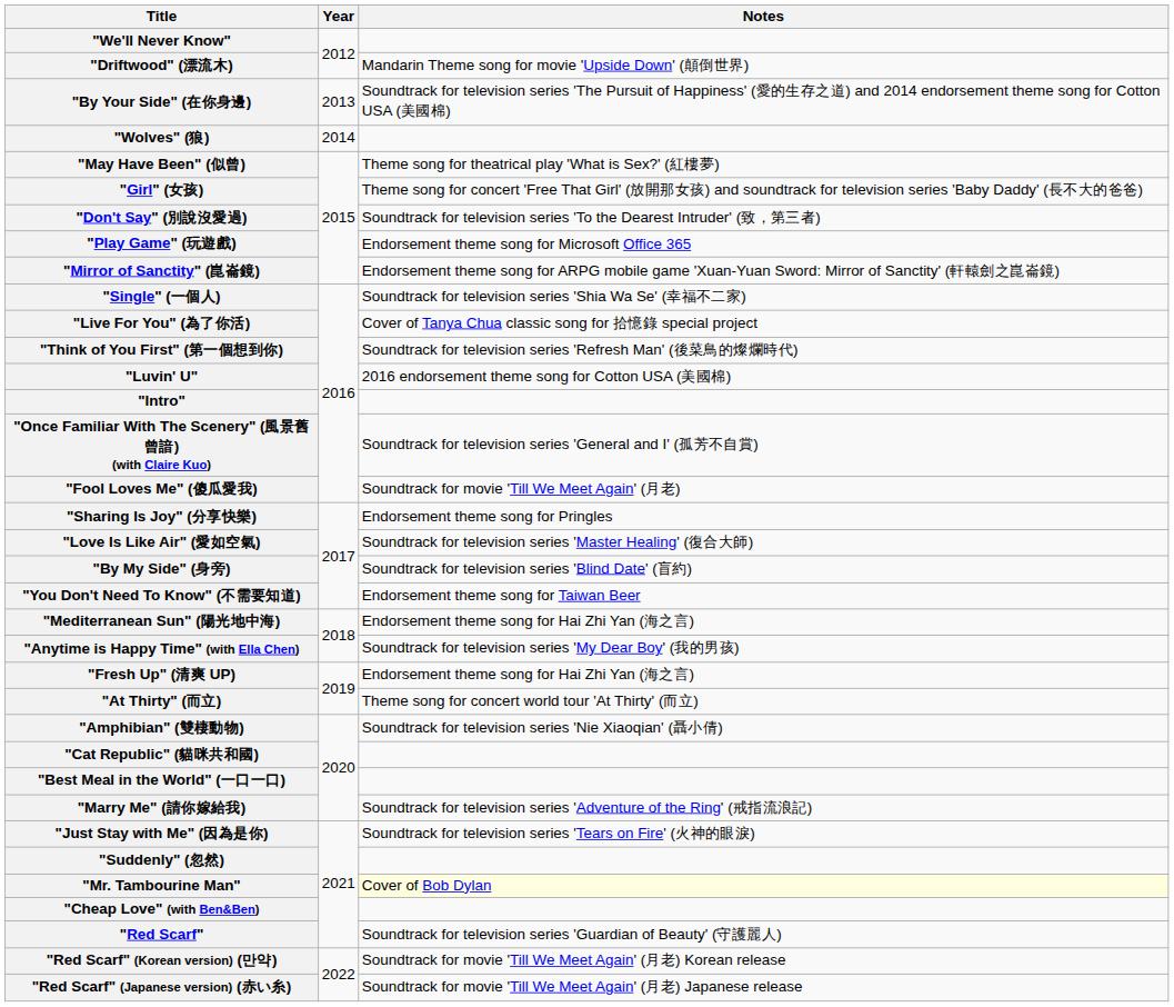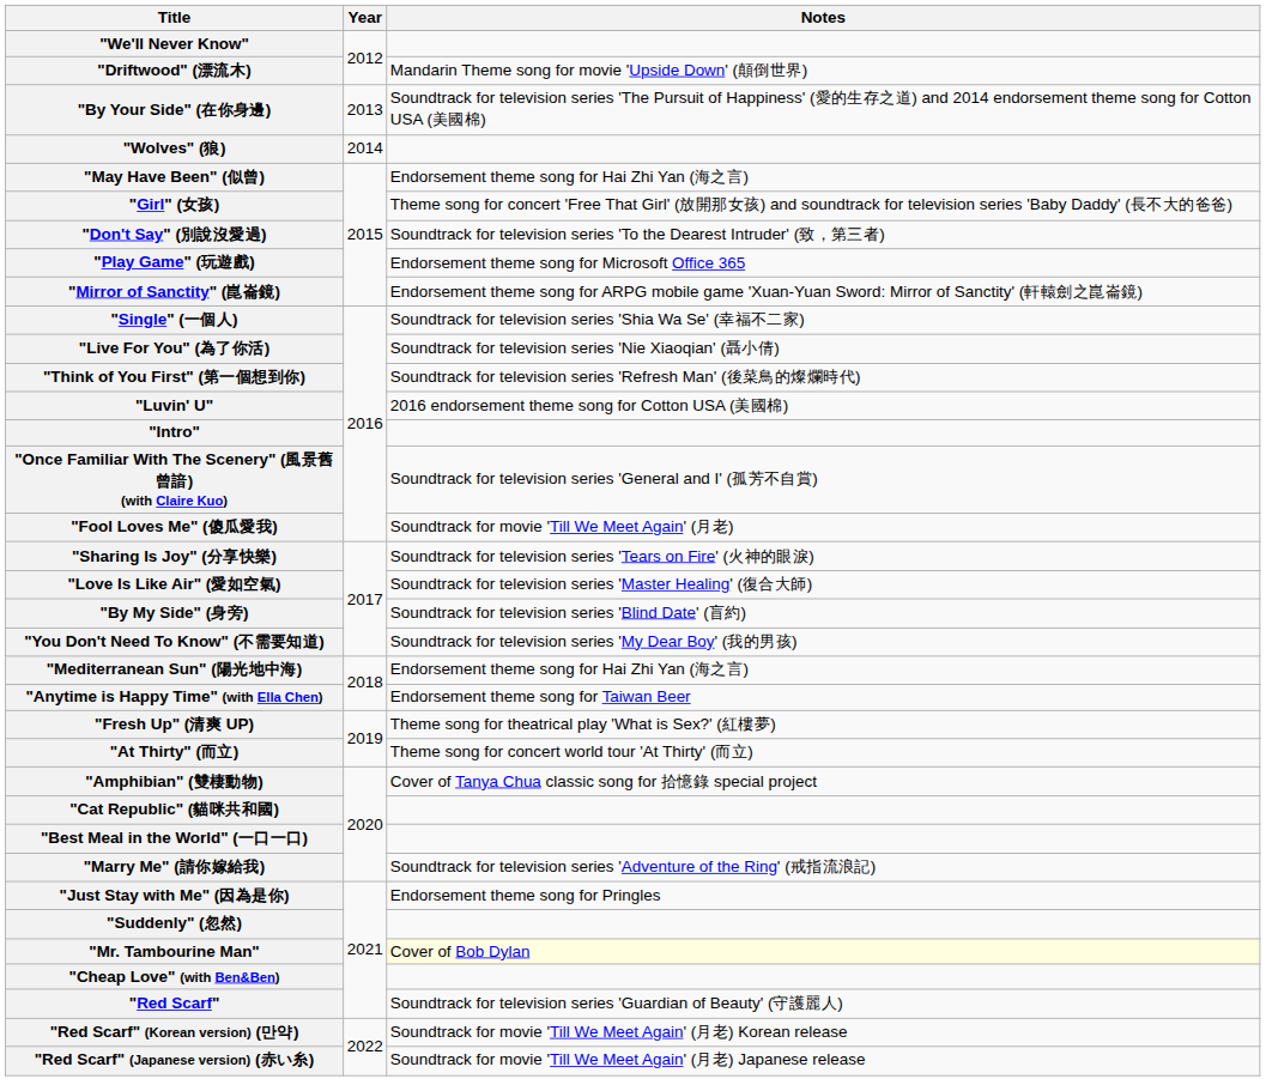 <table class="wikitable plainrowheaders">
 <tr>
 <th>Title</th>
 <th>Year</th>
 <th>Notes</th>
 </tr>
 <tr>
 <th scope="row" ! scope="row">"We'll Never Know"</th>
 <td rowspan="2">2012</td>
 <td></td>
 </tr>
 <tr>
 <th scope="row" ! scope="row">"Driftwood" (漂流木)</th>
 <td>Mandarin Theme song for movie '<a href='#'>Upside Down</a>' (顛倒世界)</td>
 </tr>
 <tr>
 <th scope="row">"By Your Side" (在你身邊)</th>
 <td>2013</td>
 <td>Soundtrack for television series 'The Pursuit of Happiness' (愛的生存之道) and 2014 endorsement theme song for Cotton USA (美國棉)</td>
 </tr>
 <tr>
 <th scope="row">"Wolves" (狼)</th>
 <td>2014</td>
 <td></td>
 </tr>
 <tr>
 <th scope="row">"May Have Been" (似曾)</th>
 <td rowspan="5">2015</td>
-<td>Theme song for theatrical play 'What is Sex?' (紅樓夢)</td>
+<td>Endorsement theme song for Hai Zhi Yan (海之言)</td>
 </tr>
 <tr>
 <th scope="row">"<a href='#'>Girl</a>" (女孩)</th>
 <td>Theme song for concert 'Free That Girl' (放開那女孩) and soundtrack for television series 'Baby Daddy' (長不大的爸爸)</td>
 </tr>
 <tr>
 <th scope="row">"<a href='#'>Don't Say</a>" (別說沒愛過)</th>
 <td>Soundtrack for television series 'To the Dearest Intruder' (致，第三者)</td>
 </tr>
 <tr>
 <th scope="row">"<a href='#'>Play Game</a>" (玩遊戲)</th>
 <td>Endorsement theme song for Microsoft <a href='#'>Office 365</a></td>
 </tr>
 <tr>
 <th scope="row">"<a href='#'>Mirror of Sanctity</a>" (崑崙鏡)</th>
 <td>Endorsement theme song for ARPG mobile game 'Xuan-Yuan Sword: Mirror of Sanctity' (軒轅劍之崑崙鏡)</td>
 </tr>
 <tr>
 <th scope="row">"<a href='#'>Single</a>" (一個人)</th>
 <td rowspan="7">2016</td>
 <td>Soundtrack for television series 'Shia Wa Se' (幸福不二家)</td>
 </tr>
 <tr>
 <th scope="row">"Live For You" (為了你活)</th>
-<td>Cover of <a href='#'>Tanya Chua</a> classic song for 拾憶錄 special project</td>
+<td>Soundtrack for television series 'Nie Xiaoqian' (聶小倩)</td>
 </tr>
 <tr>
 <th scope="row">"Think of You First" (第一個想到你)</th>
 <td>Soundtrack for television series 'Refresh Man' (後菜鳥的燦爛時代)</td>
 </tr>
 <tr>
 <th scope="row">"Luvin' U"</th>
 <td>2016 endorsement theme song for Cotton USA (美國棉)</td>
 </tr>
 <tr>
 <th scope="row">"Intro"</th>
 <td></td>
 </tr>
 <tr>
 <th scope="row">"Once Familiar With The Scenery" (風景舊曾諳)<br><small>(with <a href='#'>Claire Kuo</a>)</small></th>
 <td>Soundtrack for television series 'General and I' (孤芳不自賞)</td>
 </tr>
 <tr>
 <th scope="row">"Fool Loves Me" (傻瓜愛我)</th>
 <td>Soundtrack for movie '<a href='#'>Till We Meet Again</a>' (月老)</td>
 </tr>
 <tr>
 <th scope="row">"Sharing Is Joy" (分享快樂)</th>
 <td rowspan="4">2017</td>
-<td>Endorsement theme song for Pringles</td>
+<td>Soundtrack for television series '<a href='#'>Tears on Fire</a>' (火神的眼淚)</td>
 </tr>
 <tr>
 <th scope="row">"Love Is Like Air" (愛如空氣)</th>
 <td>Soundtrack for television series '<a href='#'>Master Healing</a>' (復合大師)</td>
 </tr>
 <tr>
 <th scope="row">"By My Side" (身旁)</th>
 <td>Soundtrack for television series '<a href='#'>Blind Date</a>' (盲約)</td>
 </tr>
 <tr>
 <th scope="row">"You Don't Need To Know" (不需要知道)</th>
-<td>Endorsement theme song for <a href='#'>Taiwan Beer</a></td>
+<td>Soundtrack for television series '<a href='#'>My Dear Boy</a>' (我的男孩)</td>
 </tr>
 <tr>
 <th scope="row">"Mediterranean Sun" (陽光地中海)</th>
 <td rowspan="2">2018</td>
 <td>Endorsement theme song for Hai Zhi Yan (海之言)</td>
 </tr>
 <tr>
 <th scope="row">"Anytime is Happy Time" <small>(with <a href='#'>Ella Chen</a>)</small></th>
-<td>Soundtrack for television series '<a href='#'>My Dear Boy</a>' (我的男孩)</td>
+<td>Endorsement theme song for <a href='#'>Taiwan Beer</a></td>
 </tr>
 <tr>
 <th scope="row">"Fresh Up" (清爽 UP)</th>
 <td rowspan="2">2019</td>
-<td>Endorsement theme song for Hai Zhi Yan (海之言)</td>
+<td>Theme song for theatrical play 'What is Sex?' (紅樓夢)</td>
 </tr>
 <tr>
 <th scope="row">"At Thirty" (而立)</th>
 <td>Theme song for concert world tour 'At Thirty' (而立)</td>
 </tr>
 <tr>
 <th scope="row">"Amphibian" (雙棲動物)</th>
 <td rowspan="4">2020</td>
-<td>Soundtrack for television series 'Nie Xiaoqian' (聶小倩)</td>
+<td>Cover of <a href='#'>Tanya Chua</a> classic song for 拾憶錄 special project</td>
 </tr>
 <tr>
 <th scope="row">"Cat Republic" (貓咪共和國)</th>
 <td></td>
 </tr>
 <tr>
 <th scope="row">"Best Meal in the World" (一口一口)</th>
 <td></td>
 </tr>
 <tr>
 <th scope="row">"Marry Me" (請你嫁給我)</th>
 <td>Soundtrack for television series '<a href='#'>Adventure of the Ring</a>' (戒指流浪記)</td>
 </tr>
 <tr>
 <th scope="row">"Just Stay with Me" (因為是你)</th>
 <td rowspan="5">2021</td>
-<td>Soundtrack for television series '<a href='#'>Tears on Fire</a>' (火神的眼淚)</td>
+<td>Endorsement theme song for Pringles</td>
 </tr>
 <tr>
 <th scope="row">"Suddenly" (忽然)</th>
 <td></td>
 </tr>
 <tr>
 <th scope="row">"Mr. Tambourine Man"</th>
 <td style="background: lightyellow;">Cover of <a href='#'>Bob Dylan</a></td>
 </tr>
 <tr>
 <th scope="row">"Cheap Love" <small>(with <a href='#'>Ben&Ben</a>)</small></th>
 <td></td>
 </tr>
 <tr>
 <th scope="row">"<a href='#'>Red Scarf</a>"</th>
 <td>Soundtrack for television series 'Guardian of Beauty' (守護麗人)</td>
 </tr>
 <tr>
 <th scope="row">"Red Scarf" <small>(Korean version)</small> (만약) </th>
 <td rowspan="2">2022</td>
 <td>Soundtrack for movie '<a href='#'>Till We Meet Again</a>' (月老) Korean release</td>
 </tr>
 <tr>
 <th scope="row">"Red Scarf" <small>(Japanese version)</small> (赤い糸) </th>
 <td>Soundtrack for movie '<a href='#'>Till We Meet Again</a>' (月老) Japanese release</td>
 </tr>
 </table>
